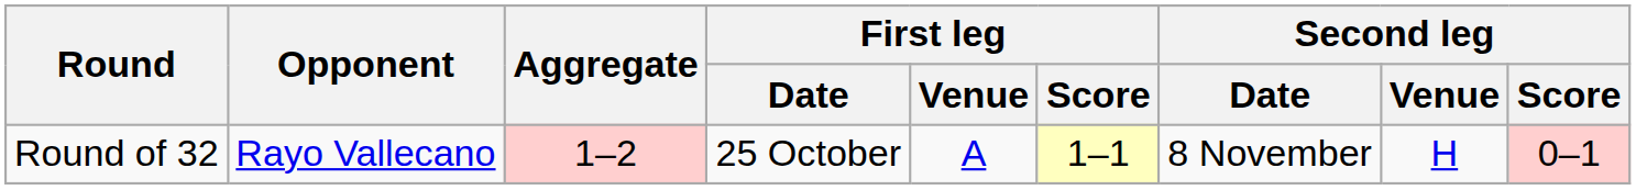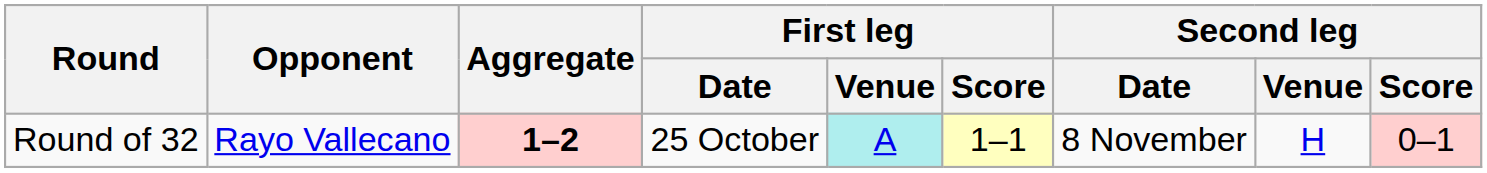 <table class="wikitable" style="text-align:center;">
 <tr>
 <th rowspan="2">Round</th>
 <th rowspan="2">Opponent</th>
 <th rowspan="2">Aggregate</th>
 <th colspan="3">First leg</th>
 <th colspan="3">Second leg</th>
 </tr>
 <tr>
 <th>Date</th>
 <th>Venue</th>
 <th>Score</th>
 <th>Date</th>
 <th>Venue</th>
 <th>Score</th>
 </tr>
 <tr>
 <td>Round of 32</td>
 <td><a href='#'>Rayo Vallecano</a></td>
-<td bgcolor="#FFCFCF">1–2</td>
+<td bgcolor="#FFCFCF"><strong>1–2</strong></td>
 <td>25 October</td>
-<td><a href='#'>A</a></td>
+<td style="background: paleturquoise;"><a href='#'>A</a></td>
 <td bgcolor="#FFFFBF">1–1</td>
 <td>8 November</td>
 <td><a href='#'>H</a></td>
 <td bgcolor="#FFCFCF">0–1</td>
 </tr>
 </table>
